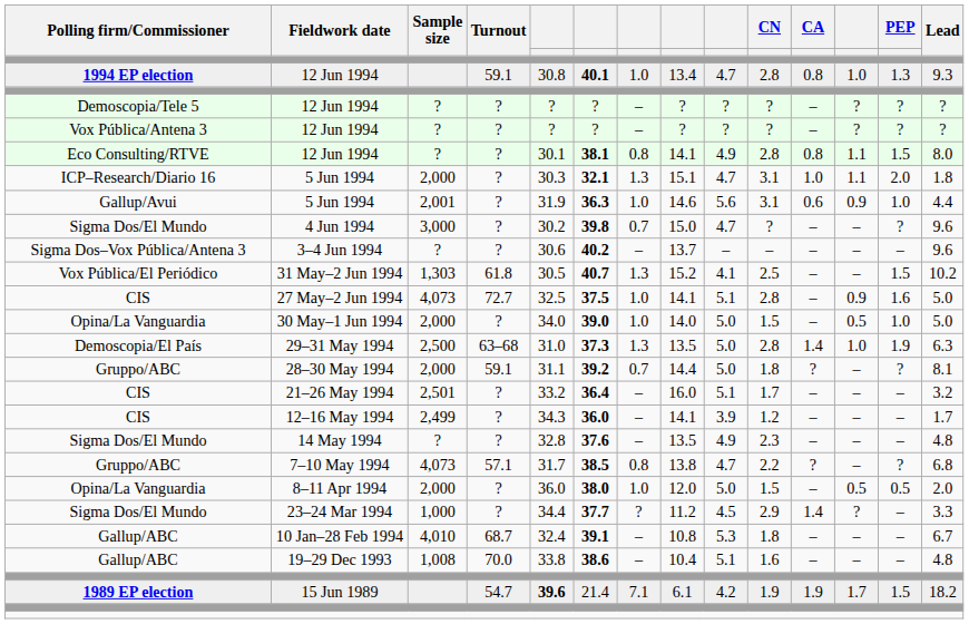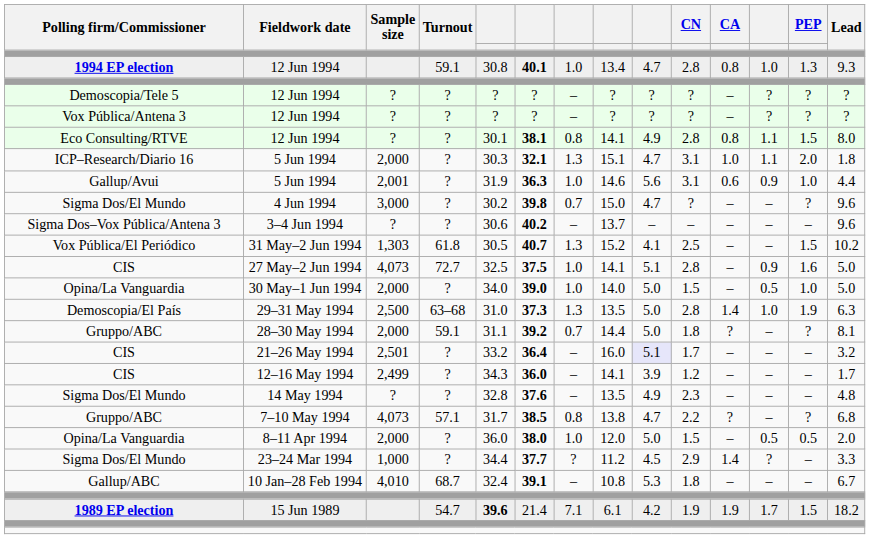 <table class="wikitable collapsible collapsed" style="text-align:center; font-size:95%; line-height:16px;">
 <tr style="height:42px;">
 <th style="width:250px;" rowspan="2">Polling firm/Commissioner</th>
 <th style="width:125px;" rowspan="2">Fieldwork date</th>
 <th style="width:50px;" rowspan="2">Sample size</th>
 <th style="width:45px;" rowspan="2">Turnout</th>
 <th style="width:35px;"></th>
 <th style="width:35px;"></th>
 <th style="width:35px;"></th>
 <th style="width:35px;"></th>
 <th style="width:35px;"></th>
 <th style="width:35px;"><a href='#'>CN</a></th>
 <th style="width:35px;"><a href='#'>CA</a></th>
 <th style="width:35px;"></th>
 <th style="width:35px;"><a href='#'>PEP</a></th>
 <th style="width:30px;" rowspan="2">Lead</th>
 </tr>
 <tr>
 <th style="color:inherit;background:"></th>
 <th style="color:inherit;background:"></th>
 <th style="color:inherit;background:"></th>
 <th style="color:inherit;background:"></th>
 <th style="color:inherit;background:"></th>
 <th style="color:inherit;background:"></th>
 <th style="color:inherit;background:"></th>
 <th style="color:inherit;background:"></th>
 <th style="color:inherit;background:"></th>
 </tr>
 <tr>
 <td colspan="14" style="background:#A0A0A0"></td>
 </tr>
 <tr style="background:#EFEFEF;">
 <td><strong><a href='#'>1994 EP election</a></strong></td>
 <td>12 Jun 1994</td>
 <td></td>
 <td>59.1</td>
 <td>30.8<br></td>
 <td><strong>40.1</strong><br></td>
 <td>1.0<br></td>
 <td>13.4<br></td>
 <td>4.7<br></td>
 <td>2.8<br></td>
 <td>0.8<br></td>
 <td>1.0<br></td>
 <td>1.3<br></td>
 <td style="background:">9.3</td>
 </tr>
 <tr>
 <td colspan="14" style="background:#A0A0A0"></td>
 </tr>
 <tr style="background:#EAFFEA;">
 <td>Demoscopia/Tele 5</td>
 <td>12 Jun 1994</td>
 <td>?</td>
 <td>?</td>
 <td>?<br></td>
 <td>?<br></td>
 <td>–</td>
 <td>?<br></td>
 <td>?<br></td>
 <td>?<br></td>
 <td>–</td>
 <td>?<br></td>
 <td>?<br></td>
 <td style="background:">?</td>
 </tr>
 <tr style="background:#EAFFEA;">
 <td>Vox Pública/Antena 3</td>
 <td>12 Jun 1994</td>
 <td>?</td>
 <td>?</td>
 <td>?<br></td>
 <td>?<br></td>
 <td>–</td>
 <td>?<br></td>
 <td>?<br></td>
 <td>?<br></td>
 <td>–</td>
 <td>?<br></td>
 <td>?<br></td>
 <td style="background:">?</td>
 </tr>
 <tr style="background:#EAFFEA;">
 <td>Eco Consulting/RTVE</td>
 <td>12 Jun 1994</td>
 <td>?</td>
 <td>?</td>
 <td>30.1<br></td>
 <td><strong>38.1</strong><br></td>
 <td>0.8<br></td>
 <td>14.1<br></td>
 <td>4.9<br></td>
 <td>2.8<br></td>
 <td>0.8<br></td>
 <td>1.1<br></td>
 <td>1.5<br></td>
 <td style="background:">8.0</td>
 </tr>
 <tr>
 <td>ICP–Research/Diario 16</td>
 <td>5 Jun 1994</td>
 <td>2,000</td>
 <td>?</td>
 <td>30.3<br></td>
 <td><strong>32.1</strong><br></td>
 <td>1.3<br></td>
 <td>15.1<br></td>
 <td>4.7<br></td>
 <td>3.1<br></td>
 <td>1.0<br></td>
 <td>1.1<br></td>
 <td>2.0<br></td>
 <td style="background:">1.8</td>
 </tr>
 <tr>
 <td>Gallup/Avui</td>
 <td>5 Jun 1994</td>
 <td>2,001</td>
 <td>?</td>
 <td>31.9<br></td>
 <td><strong>36.3</strong><br></td>
 <td>1.0<br></td>
 <td>14.6<br></td>
 <td>5.6<br></td>
 <td>3.1<br></td>
 <td>0.6<br></td>
 <td>0.9<br></td>
 <td>1.0<br></td>
 <td style="background:">4.4</td>
 </tr>
 <tr>
 <td>Sigma Dos/El Mundo</td>
 <td>4 Jun 1994</td>
 <td>3,000</td>
 <td>?</td>
 <td>30.2<br></td>
 <td><strong>39.8</strong><br></td>
 <td>0.7<br></td>
 <td>15.0<br></td>
 <td>4.7<br></td>
 <td>?<br></td>
 <td>–</td>
 <td>–</td>
 <td>?<br></td>
 <td style="background:">9.6</td>
 </tr>
 <tr>
 <td>Sigma Dos–Vox Pública/Antena 3</td>
 <td>3–4 Jun 1994</td>
 <td>?</td>
 <td>?</td>
 <td>30.6</td>
 <td><strong>40.2</strong></td>
 <td>–</td>
 <td>13.7</td>
 <td>–</td>
 <td>–</td>
 <td>–</td>
 <td>–</td>
 <td>–</td>
 <td style="background:">9.6</td>
 </tr>
 <tr>
 <td>Vox Pública/El Periódico</td>
 <td>31 May–2 Jun 1994</td>
 <td>1,303</td>
 <td>61.8</td>
 <td>30.5<br></td>
 <td><strong>40.7</strong><br></td>
 <td>1.3<br></td>
 <td>15.2<br></td>
 <td>4.1<br></td>
 <td>2.5<br></td>
 <td>–</td>
 <td>–</td>
 <td>1.5<br></td>
 <td style="background:">10.2</td>
 </tr>
 <tr>
 <td>CIS</td>
 <td>27 May–2 Jun 1994</td>
 <td>4,073</td>
 <td>72.7</td>
 <td>32.5</td>
 <td><strong>37.5</strong></td>
 <td>1.0</td>
 <td>14.1</td>
 <td>5.1</td>
 <td>2.8</td>
 <td>–</td>
 <td>0.9</td>
 <td>1.6</td>
 <td style="background:">5.0</td>
 </tr>
 <tr>
 <td>Opina/La Vanguardia</td>
 <td>30 May–1 Jun 1994</td>
 <td>2,000</td>
 <td>?</td>
 <td>34.0<br></td>
 <td><strong>39.0</strong><br></td>
 <td>1.0<br></td>
 <td>14.0<br></td>
 <td>5.0<br></td>
 <td>1.5<br></td>
 <td>–</td>
 <td>0.5<br></td>
 <td>1.0<br></td>
 <td style="background:">5.0</td>
 </tr>
 <tr>
 <td>Demoscopia/El País</td>
 <td>29–31 May 1994</td>
 <td>2,500</td>
 <td>63–68</td>
 <td>31.0<br></td>
 <td><strong>37.3</strong><br></td>
 <td>1.3<br></td>
 <td>13.5<br></td>
 <td>5.0<br></td>
 <td>2.8<br></td>
 <td>1.4<br></td>
 <td>1.0<br></td>
 <td>1.9<br></td>
 <td style="background:">6.3</td>
 </tr>
 <tr>
 <td>Gruppo/ABC</td>
 <td>28–30 May 1994</td>
 <td>2,000</td>
 <td>59.1</td>
 <td>31.1<br></td>
 <td><strong>39.2</strong><br></td>
 <td>0.7<br></td>
 <td>14.4<br></td>
 <td>5.0<br></td>
 <td>1.8<br></td>
 <td>?<br></td>
 <td>–</td>
 <td>?<br></td>
 <td style="background:">8.1</td>
 </tr>
 <tr>
 <td>CIS</td>
 <td>21–26 May 1994</td>
 <td>2,501</td>
 <td>?</td>
 <td>33.2</td>
 <td><strong>36.4</strong></td>
 <td>–</td>
 <td>16.0</td>
-<td>5.1</td>
+<td style="background: lavender;">5.1</td>
 <td>1.7</td>
 <td>–</td>
 <td>–</td>
 <td>–</td>
 <td style="background:">3.2</td>
 </tr>
 <tr>
 <td>CIS</td>
 <td>12–16 May 1994</td>
 <td>2,499</td>
 <td>?</td>
 <td>34.3</td>
 <td><strong>36.0</strong></td>
 <td>–</td>
 <td>14.1</td>
 <td>3.9</td>
 <td>1.2</td>
 <td>–</td>
 <td>–</td>
 <td>–</td>
 <td style="background:">1.7</td>
 </tr>
 <tr>
 <td>Sigma Dos/El Mundo</td>
 <td>14 May 1994</td>
 <td>?</td>
 <td>?</td>
 <td>32.8<br></td>
 <td><strong>37.6</strong><br></td>
 <td>–</td>
 <td>13.5<br></td>
 <td>4.9<br></td>
 <td>2.3<br></td>
 <td>–</td>
 <td>–</td>
 <td>–</td>
 <td style="background:">4.8</td>
 </tr>
 <tr>
 <td>Gruppo/ABC</td>
 <td>7–10 May 1994</td>
 <td>4,073</td>
 <td>57.1</td>
 <td>31.7<br></td>
 <td><strong>38.5</strong><br></td>
 <td>0.8<br></td>
 <td>13.8<br></td>
 <td>4.7<br></td>
 <td>2.2<br></td>
 <td>?<br></td>
 <td>–</td>
 <td>?<br></td>
 <td style="background:">6.8</td>
 </tr>
 <tr>
 <td>Opina/La Vanguardia</td>
 <td>8–11 Apr 1994</td>
 <td>2,000</td>
 <td>?</td>
 <td>36.0<br></td>
 <td><strong>38.0</strong><br></td>
 <td>1.0<br></td>
 <td>12.0<br></td>
 <td>5.0<br></td>
 <td>1.5<br></td>
 <td>–</td>
 <td>0.5<br></td>
 <td>0.5<br></td>
 <td style="background:">2.0</td>
 </tr>
 <tr>
 <td>Sigma Dos/El Mundo</td>
 <td>23–24 Mar 1994</td>
 <td>1,000</td>
 <td>?</td>
 <td>34.4<br></td>
 <td><strong>37.7</strong><br></td>
 <td>?<br></td>
 <td>11.2<br></td>
 <td>4.5<br></td>
 <td>2.9<br></td>
 <td>1.4<br></td>
 <td>?<br></td>
 <td>–</td>
 <td style="background:">3.3</td>
 </tr>
 <tr>
 <td>Gallup/ABC</td>
 <td>10 Jan–28 Feb 1994</td>
 <td>4,010</td>
 <td>68.7</td>
 <td>32.4<br></td>
 <td><strong>39.1</strong><br></td>
 <td>–</td>
 <td>10.8<br></td>
 <td>5.3<br></td>
 <td>1.8<br></td>
 <td>–</td>
 <td>–</td>
 <td>–</td>
 <td style="background:">6.7</td>
 </tr>
 <tr>
-<td>Gallup/ABC</td>
-<td>19–29 Dec 1993</td>
-<td>1,008</td>
-<td>70.0</td>
-<td>33.8<br></td>
-<td><strong>38.6</strong><br></td>
-<td>–</td>
-<td>10.4<br></td>
-<td>5.1<br></td>
-<td>1.6<br></td>
-<td>–</td>
-<td>–</td>
-<td>–</td>
-<td style="background:">4.8</td>
-</tr>
-<tr>
 <td colspan="14" style="background:#A0A0A0"></td>
 </tr>
 <tr style="background:#EFEFEF;">
 <td><strong><a href='#'>1989 EP election</a></strong></td>
 <td>15 Jun 1989</td>
 <td></td>
 <td>54.7</td>
 <td><strong>39.6</strong><br></td>
 <td>21.4<br></td>
 <td>7.1<br></td>
 <td>6.1<br></td>
 <td>4.2<br></td>
 <td>1.9<br></td>
 <td>1.9<br></td>
 <td>1.7<br></td>
 <td>1.5<br></td>
 <td style="background:">18.2</td>
 </tr>
 <tr>
 <td colspan="14" style="background:#A0A0A0"></td>
 </tr>
 <tr>
 <td colspan="14"></td>
 </tr>
 </table>
